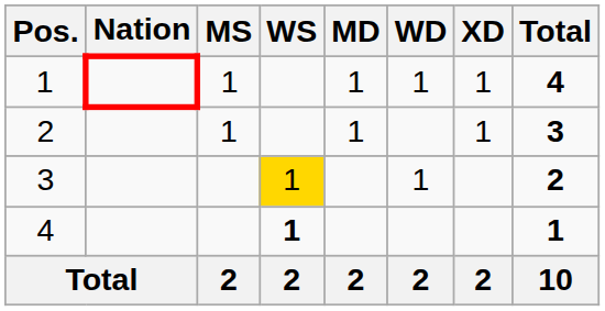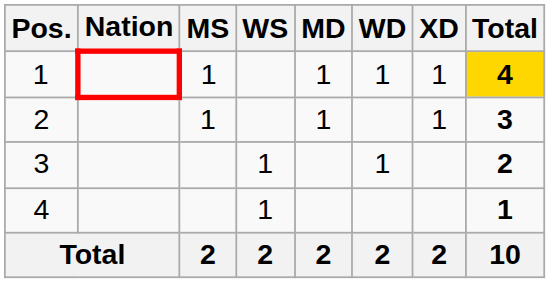 <table class="wikitable" style="text-align:center">
 <tr>
 <th>Pos.</th>
 <th>Nation</th>
 <th>MS</th>
 <th>WS</th>
 <th>MD</th>
 <th>WD</th>
 <th>XD</th>
 <th>Total</th>
 </tr>
 <tr>
 <td>1</td>
 <td align="left" style="border: 3px solid red"></td>
 <td>1</td>
 <td></td>
 <td>1</td>
 <td>1</td>
 <td>1</td>
-<td><strong>4</strong></td>
+<td style="background: gold;"><strong>4</strong></td>
 </tr>
 <tr>
 <td>2</td>
 <td align="left"></td>
 <td>1</td>
 <td></td>
 <td>1</td>
 <td></td>
 <td>1</td>
 <td><strong>3</strong></td>
 </tr>
 <tr>
 <td>3</td>
 <td align="left"></td>
 <td></td>
-<td style="background: gold;">1</td>
+<td>1</td>
 <td></td>
 <td>1</td>
 <td></td>
 <td><strong>2</strong></td>
 </tr>
 <tr>
 <td>4</td>
 <td align="left"></td>
 <td></td>
-<td><strong>1</strong></td>
+<td>1</td>
 <td></td>
 <td></td>
 <td></td>
 <td><strong>1</strong></td>
 </tr>
 <tr>
 <th colspan="2">Total</th>
 <th>2</th>
 <th>2</th>
 <th>2</th>
 <th>2</th>
 <th>2</th>
 <th>10</th>
 </tr>
 </table>
